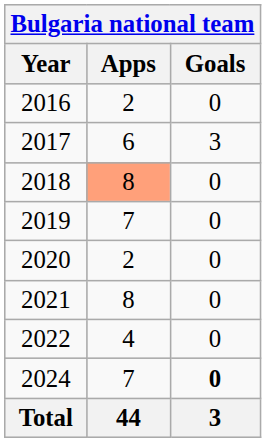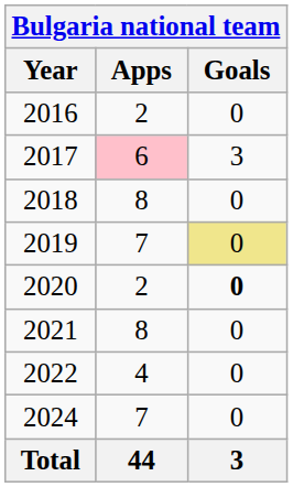 <table class=wikitable style="text-align:center">
 <tr>
 <th colspan=3><a href='#'>Bulgaria national team</a></th>
 </tr>
 <tr>
 <th>Year</th>
 <th>Apps</th>
 <th>Goals</th>
 </tr>
 <tr>
 <td>2016</td>
 <td>2</td>
 <td>0</td>
 </tr>
 <tr>
 <td>2017</td>
-<td>6</td>
+<td style="background: pink;">6</td>
 <td>3</td>
 </tr>
 <tr>
 <td>2018</td>
-<td style="background: lightsalmon;">8</td>
+<td>8</td>
 <td>0</td>
 </tr>
 <tr>
 <td>2019</td>
 <td>7</td>
-<td>0</td>
+<td style="background: khaki;">0</td>
 </tr>
 <tr>
 <td>2020</td>
 <td>2</td>
-<td>0</td>
+<td><strong>0</strong></td>
 </tr>
 <tr>
 <td>2021</td>
 <td>8</td>
 <td>0</td>
 </tr>
 <tr>
 <td>2022</td>
 <td>4</td>
 <td>0</td>
 </tr>
 <tr>
 <td>2024</td>
 <td>7</td>
-<td><strong>0</strong></td>
+<td>0</td>
 </tr>
 <tr>
 <th>Total</th>
 <th>44</th>
 <th>3</th>
 </tr>
 </table>
